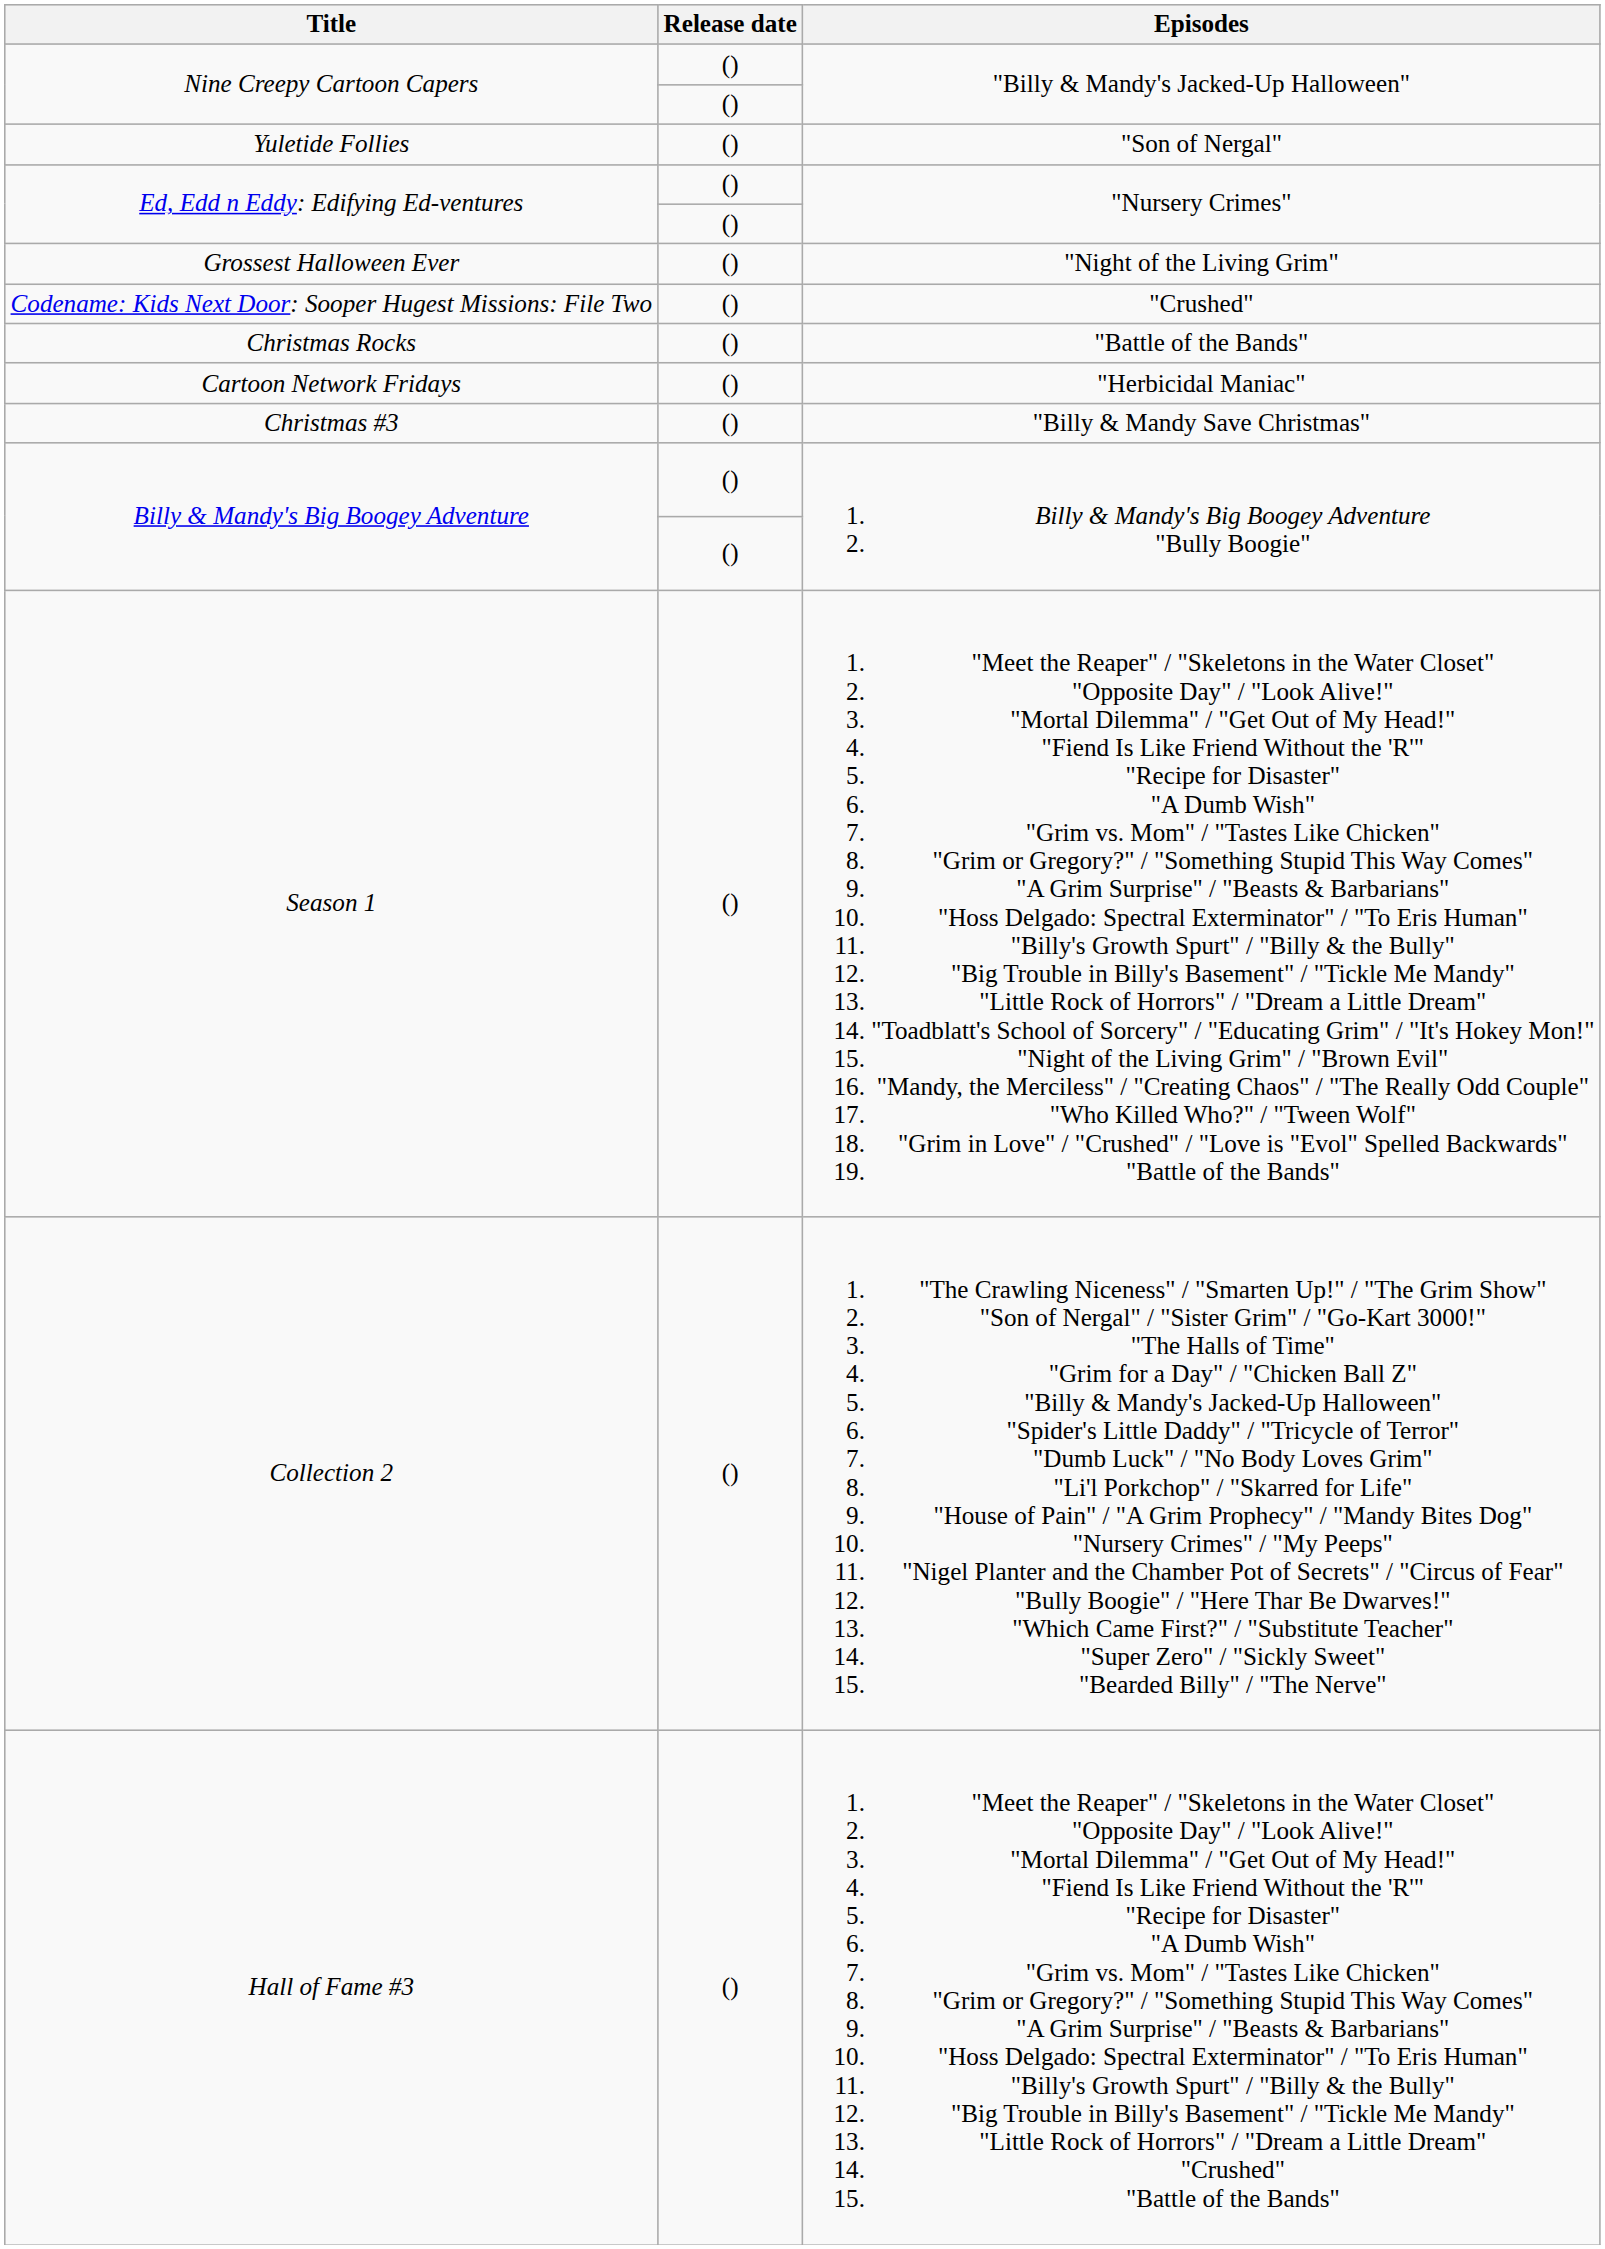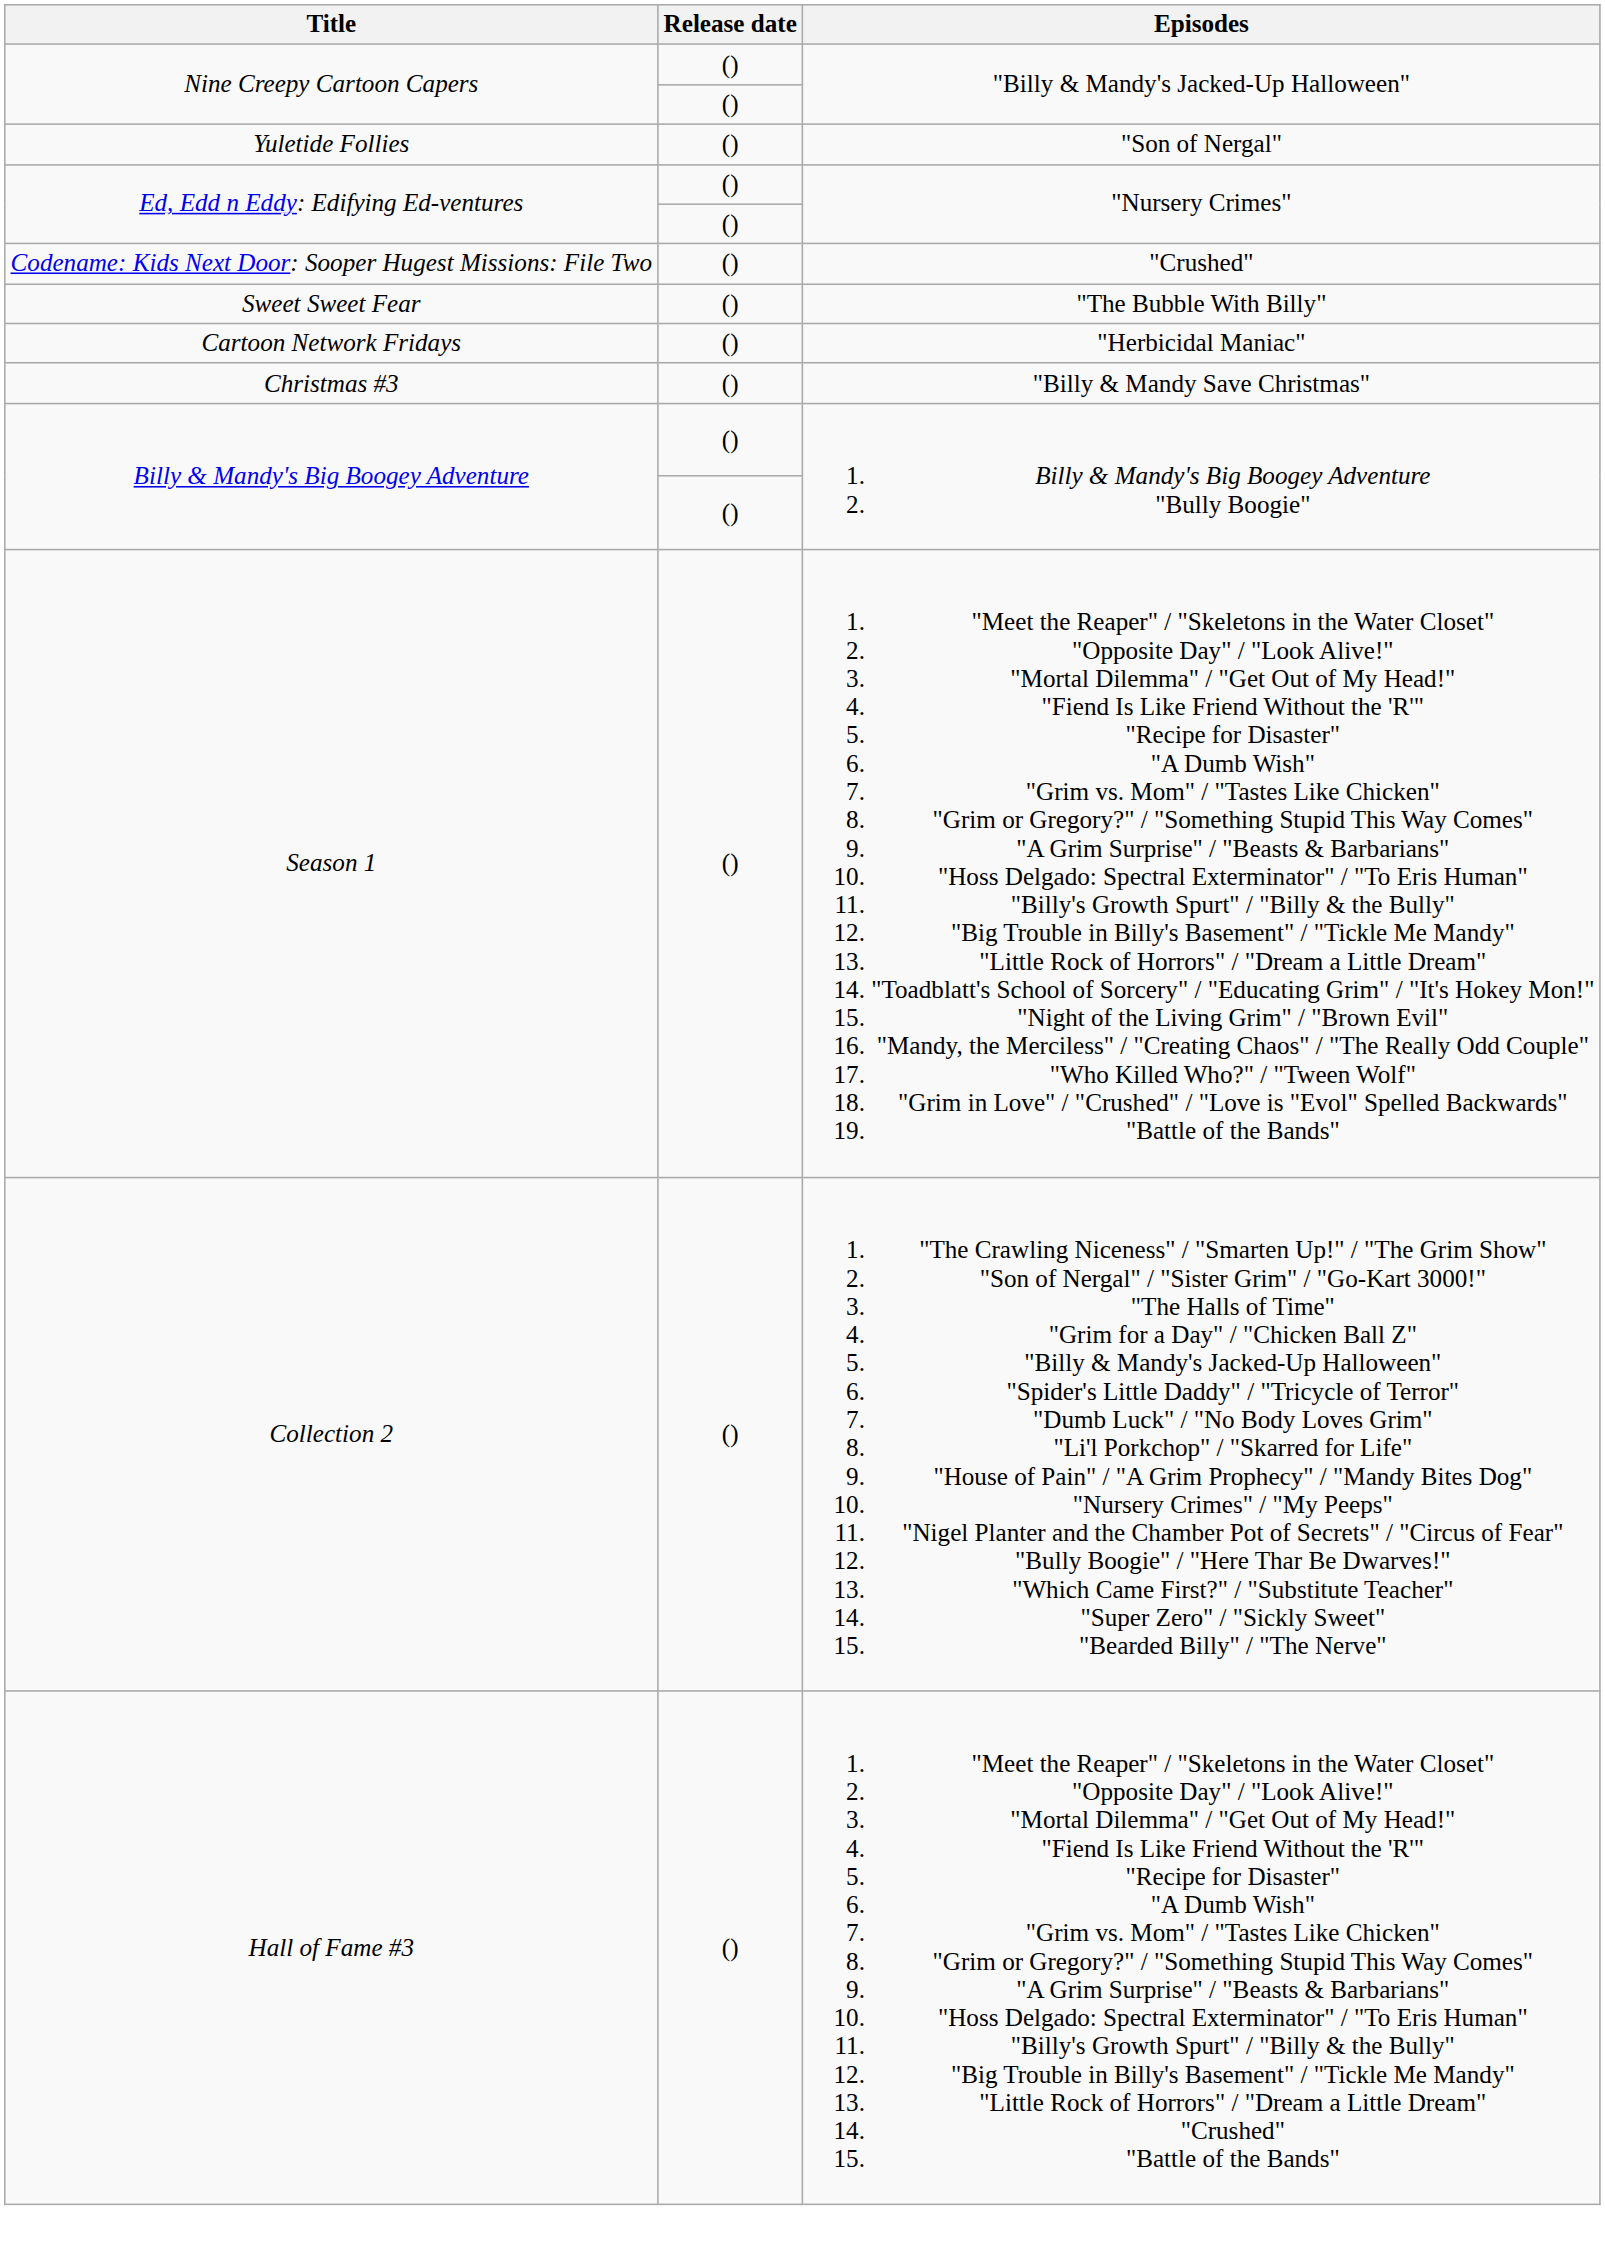 <table class="wikitable sortable" style="text-align: center">
 <tr>
 <th>Title</th>
 <th>Release date</th>
 <th>Episodes</th>
 </tr>
 <tr>
 <td rowspan=2><em>Nine Creepy Cartoon Capers</em></td>
 <td> ()</td>
 <td rowspan=2>"Billy & Mandy's Jacked-Up Halloween"</td>
 </tr>
 <tr>
 <td> ()</td>
 </tr>
 <tr>
 <td><em>Yuletide Follies</em></td>
 <td> ()</td>
 <td>"Son of Nergal"</td>
 </tr>
 <tr>
 <td rowspan=2><em><a href='#'>Ed, Edd n Eddy</a>: Edifying Ed-ventures</em></td>
 <td> ()</td>
 <td rowspan=2>"Nursery Crimes"</td>
 </tr>
 <tr>
 <td> ()</td>
 </tr>
 <tr>
-<td><em>Grossest Halloween Ever</em></td>
-<td> ()</td>
-<td>"Night of the Living Grim"</td>
-</tr>
-<tr>
 <td><em><a href='#'>Codename: Kids Next Door</a>: Sooper Hugest Missions: File Two</em></td>
 <td> ()</td>
 <td>"Crushed"</td>
 </tr>
 <tr>
-<td><em>Christmas Rocks</em></td>
+<td><em>Sweet Sweet Fear</em></td>
 <td> ()</td>
-<td>"Battle of the Bands"</td>
+<td>"The Bubble With Billy"</td>
 </tr>
 <tr>
 <td><em>Cartoon Network Fridays</em></td>
 <td> ()</td>
 <td>"Herbicidal Maniac"</td>
 </tr>
 <tr>
 <td><em>Christmas #3</em></td>
 <td> ()</td>
 <td>"Billy & Mandy Save Christmas"</td>
 </tr>
 <tr>
 <td rowspan=2><em><a href='#'>Billy & Mandy's Big Boogey Adventure</a></em></td>
 <td> ()</td>
 <td rowspan=2><br><ol><li><em>Billy & Mandy's Big Boogey Adventure</em></li><li>"Bully Boogie"</li></ol></td>
 </tr>
 <tr>
 <td> ()</td>
 </tr>
 <tr>
 <td><em>Season 1</em></td>
 <td> ()</td>
 <td><br><ol><li>"Meet the Reaper" / "Skeletons in the Water Closet"</li><li>"Opposite Day" / "Look Alive!"</li><li>"Mortal Dilemma" / "Get Out of My Head!"</li><li>"Fiend Is Like Friend Without the 'R'"</li><li>"Recipe for Disaster"</li><li>"A Dumb Wish"</li><li>"Grim vs. Mom" / "Tastes Like Chicken"</li><li>"Grim or Gregory?" / "Something Stupid This Way Comes"</li><li>"A Grim Surprise" / "Beasts & Barbarians"</li><li>"Hoss Delgado: Spectral Exterminator" / "To Eris Human"</li><li>"Billy's Growth Spurt" / "Billy & the Bully"</li><li>"Big Trouble in Billy's Basement" / "Tickle Me Mandy"</li><li>"Little Rock of Horrors" / "Dream a Little Dream"</li><li>"Toadblatt's School of Sorcery" / "Educating Grim" / "It's Hokey Mon!"</li><li>"Night of the Living Grim" / "Brown Evil"</li><li>"Mandy, the Merciless" / "Creating Chaos" / "The Really Odd Couple"</li><li>"Who Killed Who?" / "Tween Wolf"</li><li>"Grim in Love" / "Crushed" / "Love is "Evol" Spelled Backwards"</li><li>"Battle of the Bands"</li></ol></td>
 </tr>
 <tr>
 <td><em>Collection 2</em></td>
 <td> ()</td>
 <td><br><ol><li>"The Crawling Niceness" / "Smarten Up!" / "The Grim Show"</li><li>"Son of Nergal" / "Sister Grim" / "Go-Kart 3000!"</li><li>"The Halls of Time"</li><li>"Grim for a Day" / "Chicken Ball Z"</li><li>"Billy & Mandy's Jacked-Up Halloween"</li><li>"Spider's Little Daddy" / "Tricycle of Terror"</li><li>"Dumb Luck" / "No Body Loves Grim"</li><li>"Li'l Porkchop" / "Skarred for Life"</li><li>"House of Pain" / "A Grim Prophecy" / "Mandy Bites Dog"</li><li>"Nursery Crimes" / "My Peeps"</li><li>"Nigel Planter and the Chamber Pot of Secrets" / "Circus of Fear"</li><li>"Bully Boogie" / "Here Thar Be Dwarves!"</li><li>"Which Came First?" / "Substitute Teacher"</li><li>"Super Zero" / "Sickly Sweet"</li><li>"Bearded Billy" / "The Nerve"</li></ol></td>
 </tr>
 <tr>
 <td><em>Hall of Fame #3</em></td>
 <td> ()</td>
 <td><br><ol><li>"Meet the Reaper" / "Skeletons in the Water Closet"</li><li>"Opposite Day" / "Look Alive!"</li><li>"Mortal Dilemma" / "Get Out of My Head!"</li><li>"Fiend Is Like Friend Without the 'R'"</li><li>"Recipe for Disaster"</li><li>"A Dumb Wish"</li><li>"Grim vs. Mom" / "Tastes Like Chicken"</li><li>"Grim or Gregory?" / "Something Stupid This Way Comes"</li><li>"A Grim Surprise" / "Beasts & Barbarians"</li><li>"Hoss Delgado: Spectral Exterminator" / "To Eris Human"</li><li>"Billy's Growth Spurt" / "Billy & the Bully"</li><li>"Big Trouble in Billy's Basement" / "Tickle Me Mandy"</li><li>"Little Rock of Horrors" / "Dream a Little Dream"</li><li>"Crushed"</li><li>"Battle of the Bands"</li></ol></td>
 </tr>
 </table>
